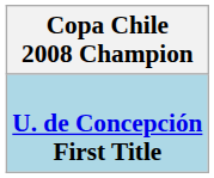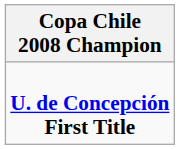 <table class="wikitable" style="text-align: center; margin: 0 auto;">
 <tr>
 <th>Copa Chile<br>2008 Champion</th>
 </tr>
 <tr>
-<td style="background: lightblue;"><br><strong><a href='#'>U. de Concepción</a></strong><br><strong>First Title</strong></td>
+<td><br><strong><a href='#'>U. de Concepción</a></strong><br><strong>First Title</strong></td>
 </tr>
 </table>
